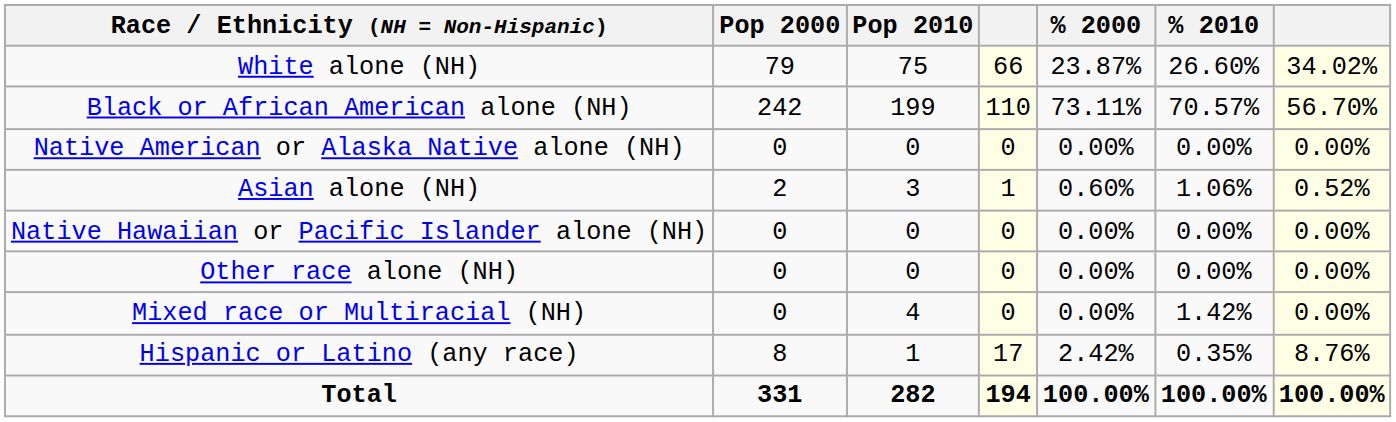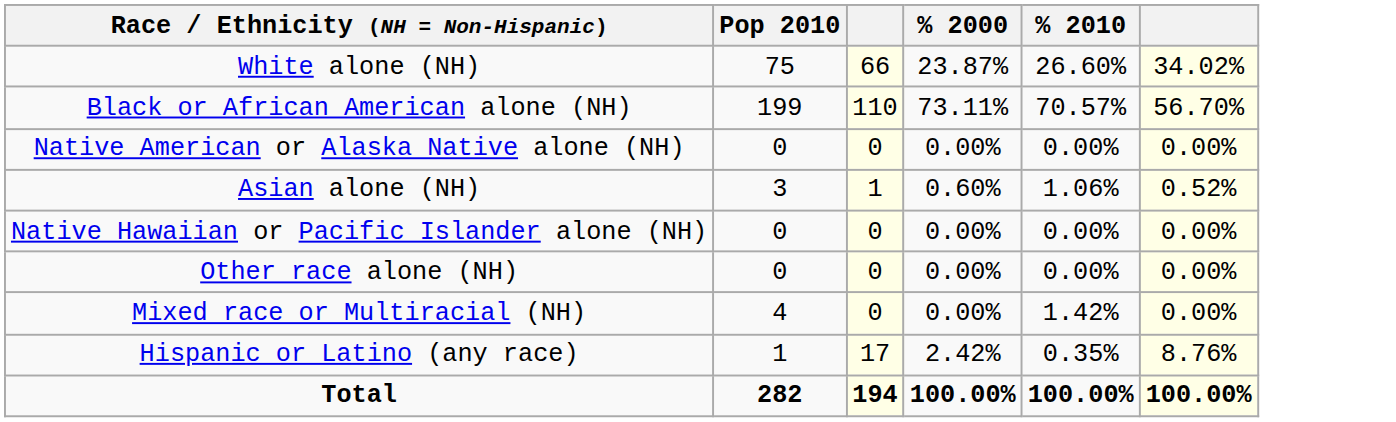 <table class="wikitable" style="text-align:center;">
 <tr>
 <th>Race / Ethnicity <small>(<em>NH = Non-Hispanic</em>)</small></th>
-<th>Pop 2000</th>
 <th>Pop 2010</th>
 <th></th>
 <th>% 2000</th>
 <th>% 2010</th>
 <th></th>
 </tr>
 <tr>
 <td><a href='#'>White</a> alone (NH)</td>
-<td>79</td>
 <td>75</td>
 <td style='background: #ffffe6;'>66</td>
 <td>23.87%</td>
 <td>26.60%</td>
 <td style='background: #ffffe6;'>34.02%</td>
 </tr>
 <tr>
 <td><a href='#'>Black or African American</a> alone (NH)</td>
-<td>242</td>
 <td>199</td>
 <td style='background: #ffffe6;'>110</td>
 <td>73.11%</td>
 <td>70.57%</td>
 <td style='background: #ffffe6;'>56.70%</td>
 </tr>
 <tr>
 <td><a href='#'>Native American</a> or <a href='#'>Alaska Native</a> alone (NH)</td>
 <td>0</td>
-<td>0</td>
 <td style='background: #ffffe6;'>0</td>
 <td>0.00%</td>
 <td>0.00%</td>
 <td style='background: #ffffe6;'>0.00%</td>
 </tr>
 <tr>
 <td><a href='#'>Asian</a> alone (NH)</td>
-<td>2</td>
 <td>3</td>
 <td style='background: #ffffe6;'>1</td>
 <td>0.60%</td>
 <td>1.06%</td>
 <td style='background: #ffffe6;'>0.52%</td>
 </tr>
 <tr>
 <td><a href='#'>Native Hawaiian</a> or <a href='#'>Pacific Islander</a> alone (NH)</td>
 <td>0</td>
-<td>0</td>
 <td style='background: #ffffe6;'>0</td>
 <td>0.00%</td>
 <td>0.00%</td>
 <td style='background: #ffffe6;'>0.00%</td>
 </tr>
 <tr>
 <td><a href='#'>Other race</a> alone (NH)</td>
 <td>0</td>
-<td>0</td>
 <td style='background: #ffffe6;'>0</td>
 <td>0.00%</td>
 <td>0.00%</td>
 <td style='background: #ffffe6;'>0.00%</td>
 </tr>
 <tr>
 <td><a href='#'>Mixed race or Multiracial</a> (NH)</td>
-<td>0</td>
 <td>4</td>
 <td style='background: #ffffe6;'>0</td>
 <td>0.00%</td>
 <td>1.42%</td>
 <td style='background: #ffffe6;'>0.00%</td>
 </tr>
 <tr>
 <td><a href='#'>Hispanic or Latino</a> (any race)</td>
-<td>8</td>
 <td>1</td>
 <td style='background: #ffffe6;'>17</td>
 <td>2.42%</td>
 <td>0.35%</td>
 <td style='background: #ffffe6;'>8.76%</td>
 </tr>
 <tr>
 <td><strong>Total</strong></td>
-<td><strong>331</strong></td>
 <td><strong>282</strong></td>
 <td style='background: #ffffe6;'><strong>194</strong></td>
 <td><strong>100.00%</strong></td>
 <td><strong>100.00%</strong></td>
 <td style='background: #ffffe6;'><strong>100.00%</strong></td>
 </tr>
 </table>
